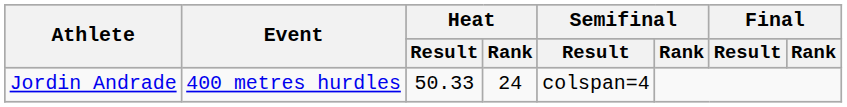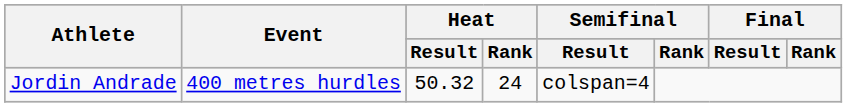 <table class="wikitable" style="font-size:90%">
 <tr>
 <th rowspan="2">Athlete</th>
 <th rowspan="2">Event</th>
 <th colspan="2">Heat</th>
 <th colspan="2">Semifinal</th>
 <th colspan="2">Final</th>
 </tr>
 <tr style="font-size:95%">
 <th>Result</th>
 <th>Rank</th>
 <th>Result</th>
 <th>Rank</th>
 <th>Result</th>
 <th>Rank</th>
 </tr>
 <tr style=text-align:center>
 <td style=text-align:left><a href='#'>Jordin Andrade</a></td>
 <td style=text-align:left><a href='#'>400 metres hurdles</a></td>
-<td>50.33</td>
+<td>50.32</td>
 <td>24</td>
 <td>colspan=4 </td>
 </tr>
 </table>
